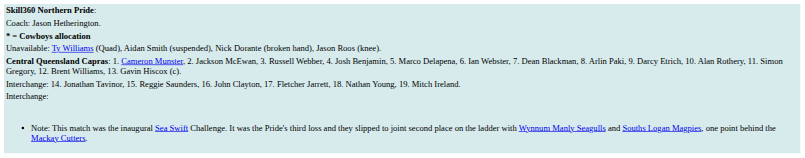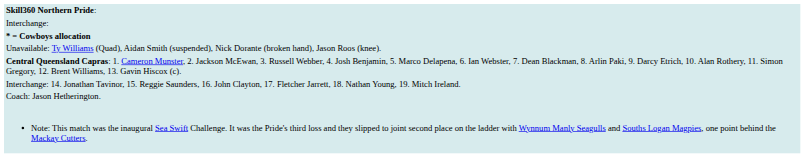 <table style="background:#d7ebed; font-size:85%; width:100%;">
 <tr>
 <td><strong>Skill360 Northern Pride</strong>:             </td>
 </tr>
 <tr>
-<td>Coach: Jason Hetherington.</td>
+<td>Interchange:    </td>
 </tr>
 <tr>
 <td><strong>* = Cowboys allocation</strong></td>
 </tr>
 <tr>
 <td>Unavailable: <a href='#'>Ty Williams</a> (Quad), Aidan Smith (suspended), Nick Dorante (broken hand), Jason Roos (knee).</td>
 </tr>
 <tr>
 <td><strong>Central Queensland Capras</strong>: 1. <a href='#'>Cameron Munster</a>, 2. Jackson McEwan, 3. Russell Webber, 4. Josh Benjamin, 5. Marco Delapena, 6. Ian Webster, 7. Dean Blackman, 8. Arlin Paki, 9. Darcy Etrich, 10. Alan Rothery, 11. Simon Gregory, 12. Brent Williams, 13. Gavin Hiscox (c).</td>
 </tr>
 <tr>
 <td>Interchange: 14. Jonathan Tavinor, 15. Reggie Saunders, 16. John Clayton, 17. Fletcher Jarrett, 18. Nathan Young, 19. Mitch Ireland.</td>
 </tr>
 <tr>
-<td>Interchange:    </td>
+<td>Coach: Jason Hetherington.</td>
 </tr>
 <tr>
 <td><br><ul><li>Note: This match was the inaugural <a href='#'>Sea Swift</a> Challenge. It was the Pride's third loss and they slipped to joint second place on the ladder with <a href='#'>Wynnum Manly Seagulls</a> and <a href='#'>Souths Logan Magpies</a>, one point behind the <a href='#'>Mackay Cutters</a>.</li></ul></td>
 </tr>
 </table>
